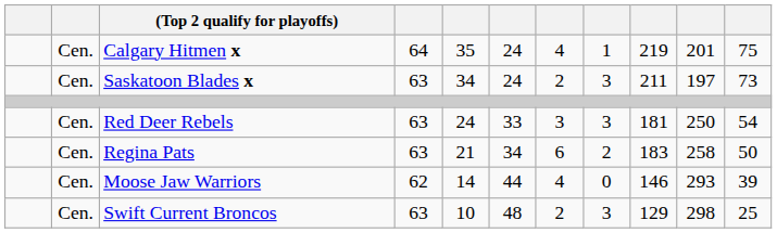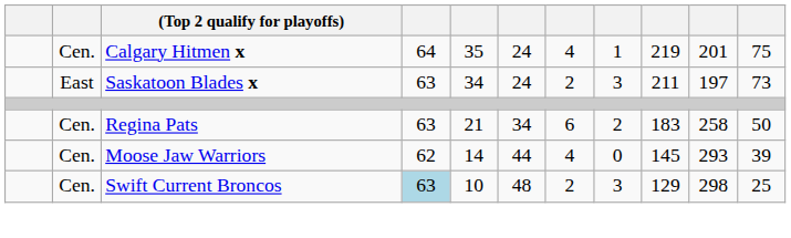 <table class="wikitable sortable">
 <tr>
 <th style="width:2em"></th>
 <th style="width:2em;"></th>
 <th style="width:15em;" class="unsortable"><small>(Top 2 qualify for playoffs)</small></th>
 <th style="width:2em;"></th>
 <th style="width:2em;"></th>
 <th style="width:2em;"></th>
 <th style="width:2em;"></th>
 <th style="width:2em;"></th>
 <th style="width:2em;"></th>
 <th style="width:2em;"></th>
 <th style="width:2em;"></th>
 </tr>
 <tr style="text-align: center;">
 <td></td>
 <td>Cen.</td>
 <td style="text-align:left;"><a href='#'>Calgary Hitmen</a> <strong>x</strong></td>
 <td>64</td>
 <td>35</td>
 <td>24</td>
 <td>4</td>
 <td>1</td>
 <td>219</td>
 <td>201</td>
 <td>75</td>
 </tr>
 <tr style="text-align: center;">
 <td></td>
-<td>Cen.</td>
+<td>East</td>
 <td style="text-align:left;"><a href='#'>Saskatoon Blades</a> <strong>x</strong></td>
 <td>63</td>
 <td>34</td>
 <td>24</td>
 <td>2</td>
 <td>3</td>
 <td>211</td>
 <td>197</td>
 <td>73</td>
 </tr>
 <tr style="color:#cccccc;background-color:#cccccc">
 <td style="height:2px" colspan=11></td>
-</tr>
-<tr style="text-align: center;">
-<td></td>
-<td>Cen.</td>
-<td style="text-align:left;"><a href='#'>Red Deer Rebels</a></td>
-<td>63</td>
-<td>24</td>
-<td>33</td>
-<td>3</td>
-<td>3</td>
-<td>181</td>
-<td>250</td>
-<td>54</td>
 </tr>
 <tr style="font-weight: ; text-align: center;">
 <td></td>
 <td>Cen.</td>
 <td style="text-align:left;"><a href='#'>Regina Pats</a></td>
 <td>63</td>
 <td>21</td>
 <td>34</td>
 <td>6</td>
 <td>2</td>
 <td>183</td>
 <td>258</td>
 <td>50</td>
 </tr>
 <tr style="font-weight: ; text-align: center;">
 <td></td>
 <td>Cen.</td>
 <td style="text-align:left;"><a href='#'>Moose Jaw Warriors</a></td>
 <td>62</td>
 <td>14</td>
 <td>44</td>
 <td>4</td>
 <td>0</td>
-<td>146</td>
+<td>145</td>
 <td>293</td>
 <td>39</td>
 </tr>
 <tr style="font-weight: ; text-align: center;">
 <td></td>
 <td>Cen.</td>
 <td style="text-align:left;"><a href='#'>Swift Current Broncos</a></td>
-<td>63</td>
+<td style="background: lightblue;">63</td>
 <td>10</td>
 <td>48</td>
 <td>2</td>
 <td>3</td>
 <td>129</td>
 <td>298</td>
 <td>25</td>
 </tr>
 </table>
